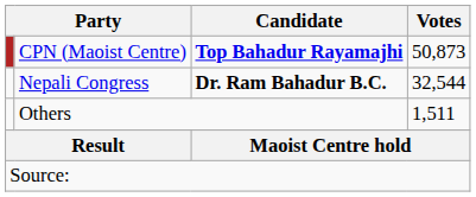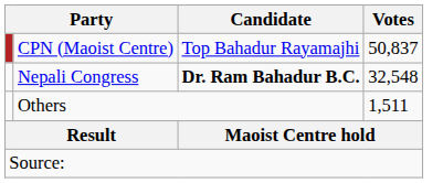 <table class="wikitable">
 <tr>
 <th colspan="2">Party</th>
 <th>Candidate</th>
 <th>Votes</th>
 </tr>
 <tr>
 <td style="background-color:firebrick"></td>
 <td><a href='#'>CPN (Maoist Centre)</a></td>
-<td><strong><a href='#'>Top Bahadur Rayamajhi</a></strong></td>
-<td>50,873</td>
+<td><a href='#'>Top Bahadur Rayamajhi</a></td>
+<td>50,837</td>
 </tr>
 <tr>
 <td style="background-color:"></td>
 <td><a href='#'>Nepali Congress</a></td>
 <td><strong>Dr. Ram Bahadur B.C.</strong></td>
-<td>32,544</td>
+<td>32,548</td>
 </tr>
 <tr>
 <td></td>
 <td colspan="2">Others</td>
 <td>1,511</td>
 </tr>
 <tr>
 <th colspan="2">Result</th>
 <th colspan="2">Maoist Centre hold</th>
 </tr>
 <tr>
 <td colspan="4">Source: </td>
 </tr>
 </table>
